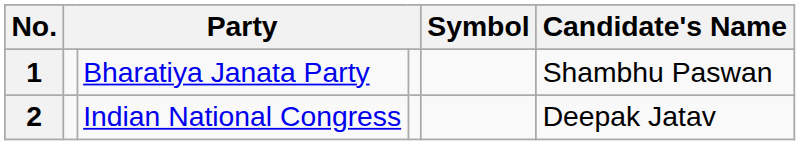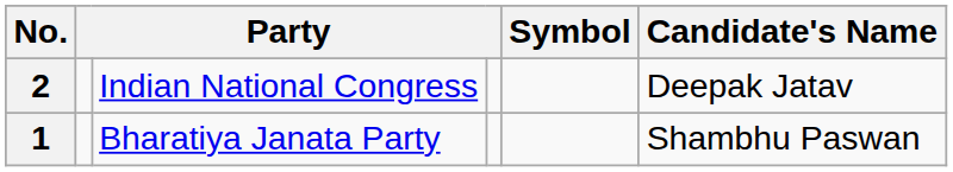 <table class="wikitable sortable">
 <tr>
 <th>No.</th>
 <th colspan="3">Party</th>
 <th>Symbol</th>
 <th>Candidate's Name</th>
+</tr>
+<tr>
+<th>2</th>
+<td style="background:"></td>
+<td><a href='#'>Indian National Congress</a></td>
+<td></td>
+<td></td>
+<td>Deepak Jatav</td>
 </tr>
 <tr>
 <th>1</th>
 <td style="background:"></td>
 <td><a href='#'>Bharatiya Janata Party</a></td>
 <td></td>
 <td></td>
 <td>Shambhu Paswan</td>
 </tr>
-<tr>
-<th>2</th>
-<td style="background:"></td>
-<td><a href='#'>Indian National Congress</a></td>
-<td></td>
-<td></td>
-<td>Deepak Jatav</td>
-</tr>
 </table>
